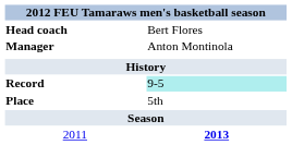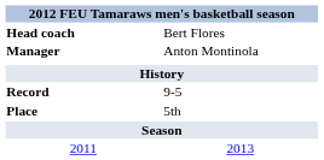 <table class="toccolours" style="float: right; clear: right; margin: 0 0 1em 3em; width: 23em;">
 <tr style="text-align:center;">
 <th colspan="2" style="text-align: center; background-color: LightSteelBlue;"><strong>2012 FEU Tamaraws men's basketball season</strong></th>
 </tr>
 <tr>
 <td><strong>Head coach</strong></td>
 <td>Bert Flores</td>
 </tr>
 <tr>
 <td><strong>Manager</strong></td>
 <td>Anton Montinola</td>
 </tr>
 <tr>
 <td colspan="3"></td>
 </tr>
 <tr>
 <th style="background: #E0E7EF;" colspan="3">History</th>
 </tr>
 <tr>
 <td><strong>Record</strong></td>
-<td style="background: paleturquoise;">9-5</td>
+<td>9-5</td>
 </tr>
 <tr>
 <td><strong>Place</strong></td>
 <td>5th</td>
 </tr>
 <tr>
 <th style="background: #E0E7EF;" colspan="3">Season</th>
 </tr>
 <tr>
 <td align="center" width=45%><a href='#'>2011</a></td>
-<td align="center" width=45%><strong><a href='#'>2013</a></strong></td>
+<td align="center" width=45%><a href='#'>2013</a></td>
 </tr>
 </table>
